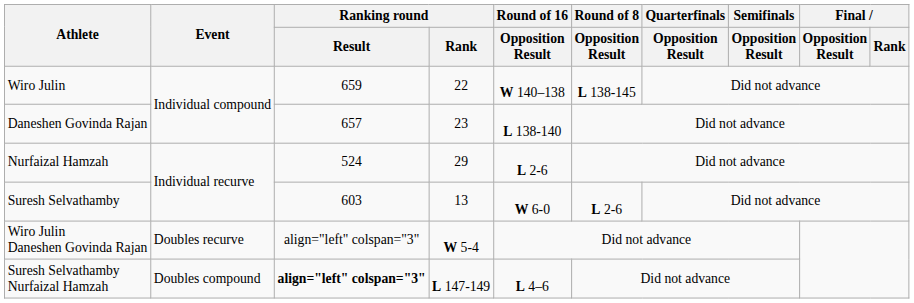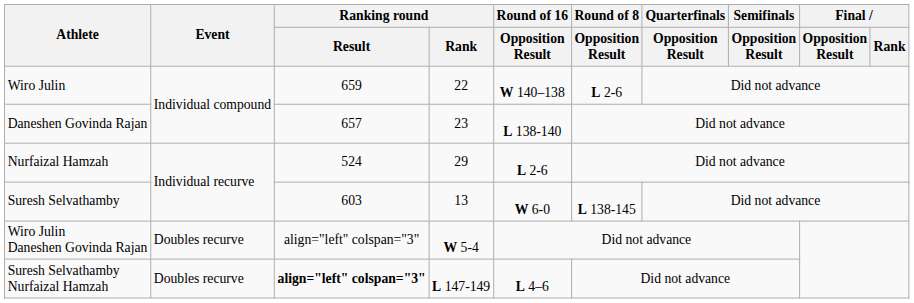 <table class=wikitable style="font-size:90%">
 <tr>
 <th rowspan="2">Athlete</th>
 <th rowspan="2">Event</th>
 <th colspan="2">Ranking round</th>
 <th>Round of 16</th>
 <th>Round of 8</th>
 <th>Quarterfinals</th>
 <th>Semifinals</th>
 <th colspan="2">Final / </th>
 </tr>
 <tr>
 <th>Result</th>
 <th>Rank</th>
 <th>Opposition<br>Result</th>
 <th>Opposition<br>Result</th>
 <th>Opposition<br>Result</th>
 <th>Opposition<br>Result</th>
 <th>Opposition<br>Result</th>
 <th>Rank</th>
 </tr>
 <tr align=center>
 <td align=left>Wiro Julin</td>
 <td align=left rowspan="2">Individual compound</td>
 <td>659</td>
 <td>22</td>
 <td><br><strong>W</strong> 140–138</td>
-<td><br><strong>L</strong> 138-145</td>
+<td><br><strong>L</strong> 2-6</td>
 <td colspan="4">Did not advance</td>
 </tr>
 <tr align=center>
 <td align=left>Daneshen Govinda Rajan</td>
 <td>657</td>
 <td>23</td>
 <td><br><strong>L</strong> 138-140</td>
 <td colspan="5">Did not advance</td>
 </tr>
 <tr align=center>
 <td align=left>Nurfaizal Hamzah</td>
 <td align=left rowspan="2">Individual recurve</td>
 <td>524</td>
 <td>29</td>
 <td><br><strong>L</strong> 2-6</td>
 <td colspan="5">Did not advance</td>
 </tr>
 <tr align=center>
 <td align=left>Suresh Selvathamby</td>
 <td>603</td>
 <td>13</td>
 <td><br><strong>W</strong> 6-0</td>
-<td><br><strong>L</strong> 2-6</td>
+<td><br><strong>L</strong> 138-145</td>
 <td colspan="4">Did not advance</td>
 </tr>
 <tr align=center>
 <td align=left>Wiro Julin<br>Daneshen Govinda Rajan</td>
 <td align=left>Doubles recurve</td>
 <td>align="left" colspan="3" </td>
 <td><br><strong>W</strong> 5-4</td>
 <td colspan="4">Did not advance</td>
 </tr>
 <tr align=center>
 <td align=left>Suresh Selvathamby<br>Nurfaizal Hamzah</td>
-<td align=left>Doubles compound</td>
+<td align=left>Doubles recurve</td>
 <td><strong>align="left" colspan="3" </strong></td>
 <td><br><strong>L</strong> 147-149</td>
 <td><br><strong>L</strong> 4–6</td>
 <td colspan="3">Did not advance</td>
 </tr>
 </table>
